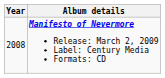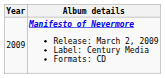 <table class ="wikitable">
 <tr>
 <th scope="col">Year</th>
 <th scope="col">Album details</th>
 </tr>
 <tr>
-<td align="center">2008</td>
+<td align="center">2009</td>
 <td><strong><em><a href='#'>Manifesto of Nevermore</a></em></strong><br><ul><li>Release: March 2, 2009</li><li>Label: Century Media</li><li>Formats: CD</li></ul></td>
 </tr>
 </table>
